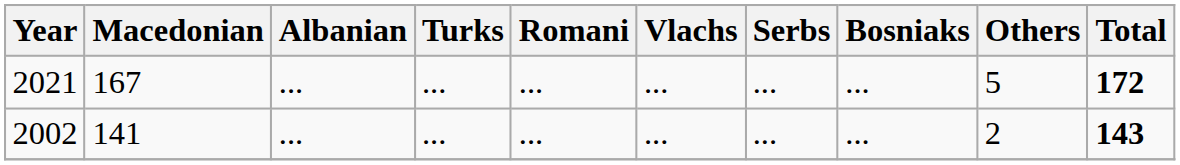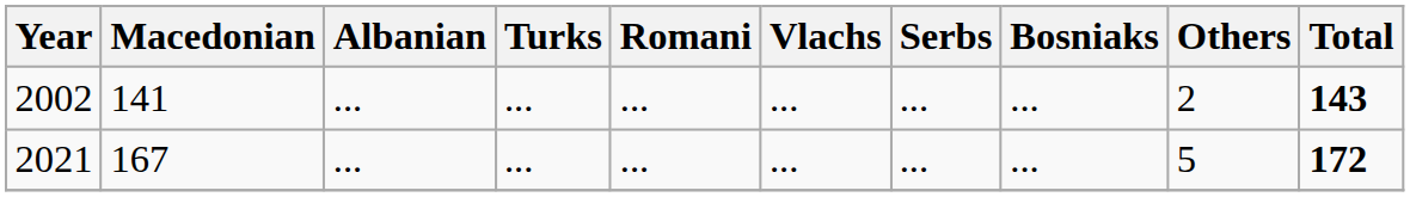 <table class="wikitable">
 <tr>
 <th>Year</th>
 <th>Macedonian</th>
 <th>Albanian</th>
 <th>Turks</th>
 <th>Romani</th>
 <th>Vlachs</th>
 <th>Serbs</th>
 <th>Bosniaks</th>
 <th><abbr>Others</abbr></th>
 <th>Total</th>
 </tr>
 <tr>
+<td>2002</td>
+<td>141</td>
+<td>...</td>
+<td>...</td>
+<td>...</td>
+<td>...</td>
+<td>...</td>
+<td>...</td>
+<td>2</td>
+<td><strong>143</strong></td>
+</tr>
+<tr>
 <td>2021</td>
 <td>167</td>
 <td>...</td>
 <td>...</td>
 <td>...</td>
 <td>...</td>
 <td>...</td>
 <td>...</td>
 <td>5</td>
 <td><strong>172</strong></td>
 </tr>
 <tr>
-<td>2002</td>
-<td>141</td>
-<td>...</td>
-<td>...</td>
-<td>...</td>
-<td>...</td>
-<td>...</td>
-<td>...</td>
-<td>2</td>
-<td><strong>143</strong></td>
-</tr>
-<tr>
 </tr>
 </table>
